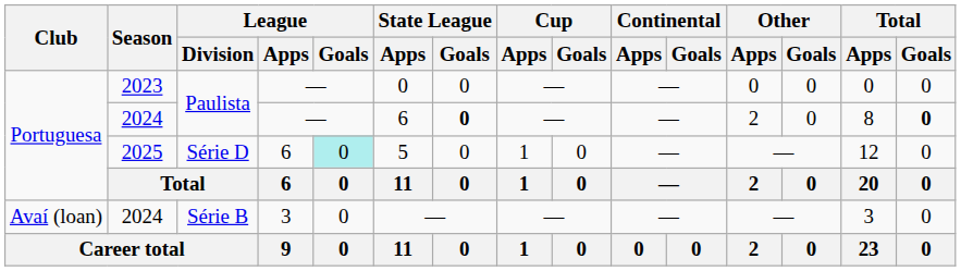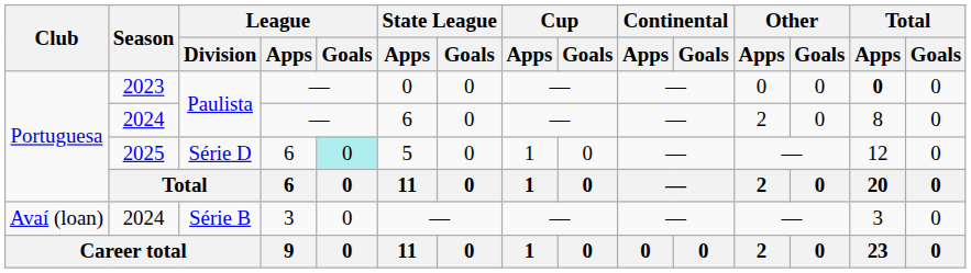 <table class="wikitable" style="text-align: center;">
 <tr>
 <th rowspan="2">Club</th>
 <th rowspan="2">Season</th>
 <th colspan="3">League</th>
 <th colspan="2">State League</th>
 <th colspan="2">Cup</th>
 <th colspan="2">Continental</th>
 <th colspan="2">Other</th>
 <th colspan="2">Total</th>
 </tr>
 <tr>
 <th>Division</th>
 <th>Apps</th>
 <th>Goals</th>
 <th>Apps</th>
 <th>Goals</th>
 <th>Apps</th>
 <th>Goals</th>
 <th>Apps</th>
 <th>Goals</th>
 <th>Apps</th>
 <th>Goals</th>
 <th>Apps</th>
 <th>Goals</th>
 </tr>
 <tr>
 <td rowspan="4" valign="center"><a href='#'>Portuguesa</a></td>
 <td><a href='#'>2023</a></td>
 <td rowspan="2"><a href='#'>Paulista</a></td>
 <td colspan="2">—</td>
 <td>0</td>
 <td>0</td>
 <td colspan="2">—</td>
 <td colspan="2">—</td>
 <td>0</td>
 <td>0</td>
-<td>0</td>
+<td><strong>0</strong></td>
 <td>0</td>
 </tr>
 <tr>
 <td><a href='#'>2024</a></td>
 <td colspan="2">—</td>
 <td>6</td>
-<td><strong>0</strong></td>
+<td>0</td>
 <td colspan="2">—</td>
 <td colspan="2">—</td>
 <td>2</td>
 <td>0</td>
 <td>8</td>
-<td><strong>0</strong></td>
+<td>0</td>
 </tr>
 <tr>
 <td><a href='#'>2025</a></td>
 <td><a href='#'>Série D</a></td>
 <td>6</td>
 <td style="background: paleturquoise;">0</td>
 <td>5</td>
 <td>0</td>
 <td>1</td>
 <td>0</td>
 <td colspan="2">—</td>
 <td colspan="2">—</td>
 <td>12</td>
 <td>0</td>
 </tr>
 <tr>
 <th colspan="2">Total</th>
 <th>6</th>
 <th>0</th>
 <th>11</th>
 <th>0</th>
 <th>1</th>
 <th>0</th>
 <th colspan="2">—</th>
 <th>2</th>
 <th>0</th>
 <th>20</th>
 <th>0</th>
 </tr>
 <tr>
 <td valign="center"><a href='#'>Avaí</a> (loan)</td>
 <td>2024</td>
 <td><a href='#'>Série B</a></td>
 <td>3</td>
 <td>0</td>
 <td colspan="2">—</td>
 <td colspan="2">—</td>
 <td colspan="2">—</td>
 <td colspan="2">—</td>
 <td>3</td>
 <td>0</td>
 </tr>
 <tr>
 <th colspan="3"><strong>Career total</strong></th>
 <th>9</th>
 <th>0</th>
 <th>11</th>
 <th>0</th>
 <th>1</th>
 <th>0</th>
 <th>0</th>
 <th>0</th>
 <th>2</th>
 <th>0</th>
 <th>23</th>
 <th>0</th>
 </tr>
 </table>
